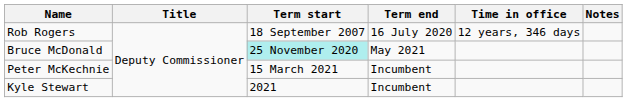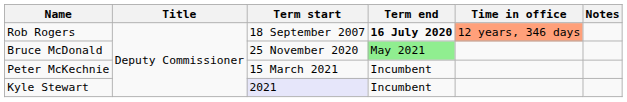 <table class="wikitable sortable">
 <tr>
 <th scope="col">Name</th>
 <th scope="col">Title</th>
 <th scope="col">Term start</th>
 <th scope="col">Term end</th>
 <th scope="col">Time in office</th>
 <th scope="col">Notes</th>
 </tr>
 <tr>
 <td>Rob Rogers </td>
 <td rowspan="4">Deputy Commissioner</td>
 <td>18 September 2007</td>
-<td>16 July 2020</td>
-<td age in years and days>12 years, 346 days</td>
+<td><strong>16 July 2020</strong></td>
+<td age in years and days style="background: lightsalmon;">12 years, 346 days</td>
 <td></td>
 </tr>
 <tr>
 <td>Bruce McDonald </td>
-<td style="background: paleturquoise;">25 November 2020</td>
-<td>May 2021</td>
+<td>25 November 2020</td>
+<td style="background: lightgreen;">May 2021</td>
 <td age in years and days></td>
 <td></td>
 </tr>
 <tr>
 <td>Peter McKechnie</td>
 <td>15 March 2021</td>
 <td>Incumbent</td>
 <td age in years and days></td>
 <td></td>
 </tr>
 <tr>
 <td>Kyle Stewart</td>
-<td>2021</td>
+<td style="background: lavender;">2021</td>
 <td>Incumbent</td>
 <td age in years and days></td>
 <td></td>
 </tr>
 </table>
